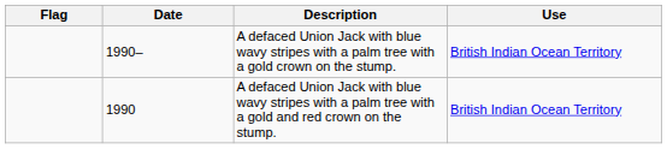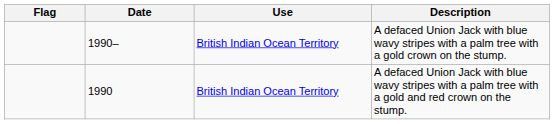 <table class="wikitable">
 <tr style="background:#efefef;">
 <th style="width:110px;">Flag</th>
 <th style="width:150px;">Date</th>
+<th style="width:250px;">Use</th>
 <th style="width:250px;">Description</th>
-<th style="width:250px;">Use</th>
 </tr>
 <tr>
 <td></td>
 <td>1990–</td>
+<td><a href='#'>British Indian Ocean Territory</a></td>
 <td>A defaced Union Jack with blue wavy stripes with a palm tree with a gold crown on the stump.</td>
-<td><a href='#'>British Indian Ocean Territory</a></td>
 </tr>
 <tr>
 <td></td>
 <td>1990</td>
+<td><a href='#'>British Indian Ocean Territory</a></td>
 <td>A defaced Union Jack with blue wavy stripes with a palm tree with a gold and red crown on the stump.</td>
-<td><a href='#'>British Indian Ocean Territory</a></td>
 </tr>
 </table>
